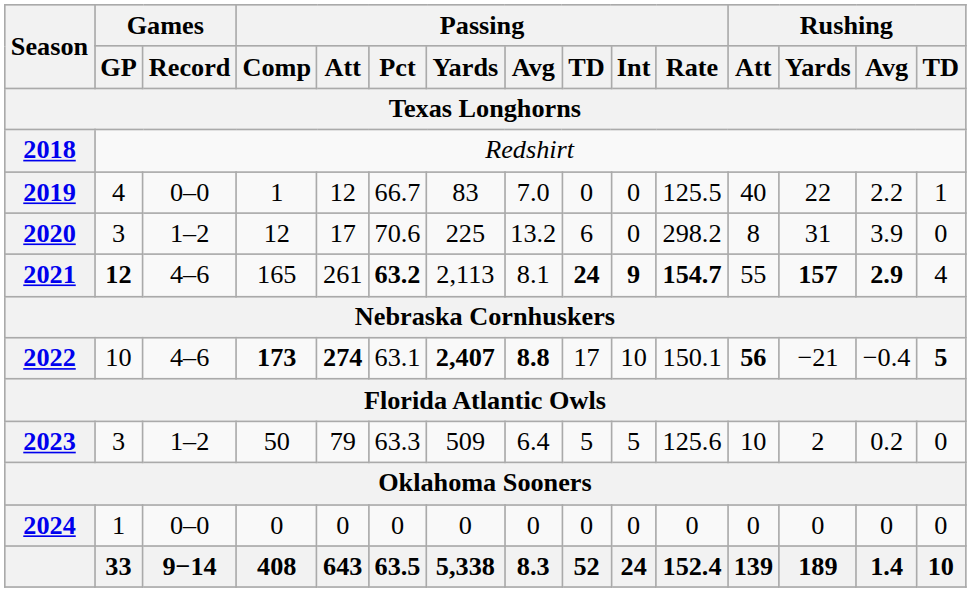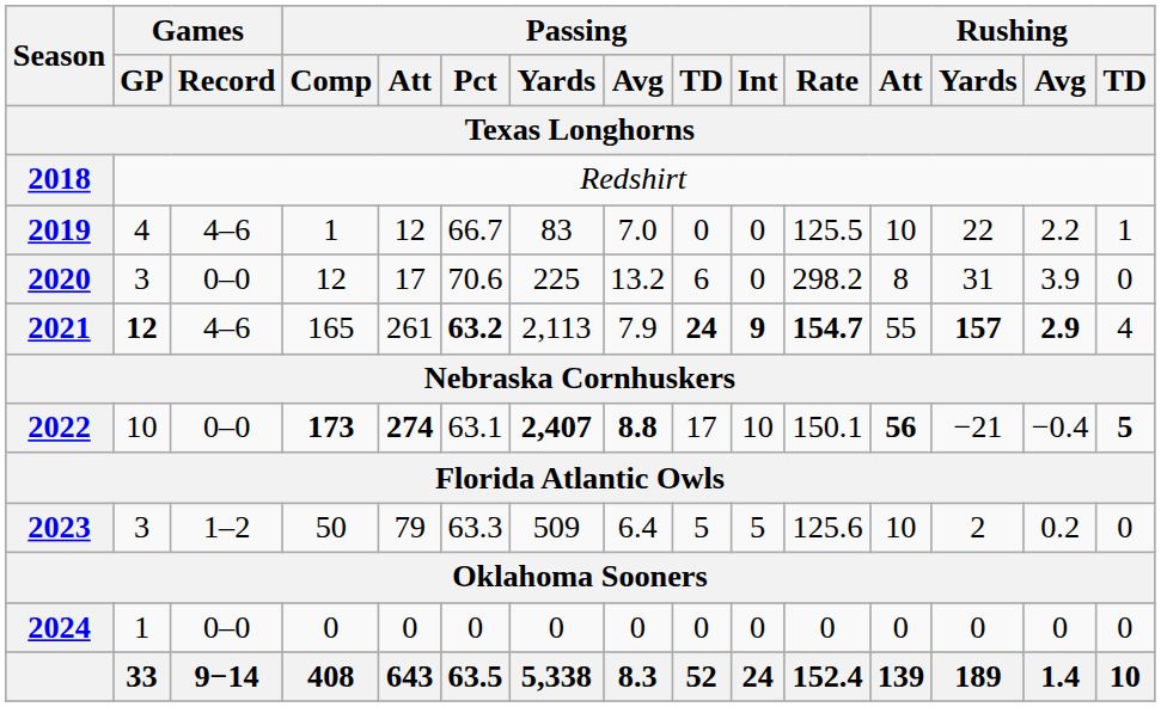 <table class="wikitable" style="text-align:center;">
 <tr>
 <th rowspan="2">Season</th>
 <th colspan="2">Games</th>
 <th colspan="8">Passing</th>
 <th colspan="4">Rushing</th>
 </tr>
 <tr>
 <th>GP</th>
 <th>Record</th>
 <th>Comp</th>
 <th>Att</th>
 <th>Pct</th>
 <th>Yards</th>
 <th>Avg</th>
 <th>TD</th>
 <th>Int</th>
 <th>Rate</th>
 <th>Att</th>
 <th>Yards</th>
 <th>Avg</th>
 <th>TD</th>
 </tr>
 <tr>
 <th colspan="16">Texas Longhorns</th>
 </tr>
 <tr>
 <th><a href='#'>2018</a></th>
 <td colspan="14"><em>Redshirt </em></td>
 </tr>
 <tr>
 <th><a href='#'>2019</a></th>
 <td>4</td>
-<td>0–0</td>
+<td>4–6</td>
 <td>1</td>
 <td>12</td>
 <td>66.7</td>
 <td>83</td>
 <td>7.0</td>
 <td>0</td>
 <td>0</td>
 <td>125.5</td>
-<td>40</td>
+<td>10</td>
 <td>22</td>
 <td>2.2</td>
 <td>1</td>
 </tr>
 <tr>
 <th><a href='#'>2020</a></th>
 <td>3</td>
-<td>1–2</td>
+<td>0–0</td>
 <td>12</td>
 <td>17</td>
 <td>70.6</td>
 <td>225</td>
 <td>13.2</td>
 <td>6</td>
 <td>0</td>
 <td>298.2</td>
 <td>8</td>
 <td>31</td>
 <td>3.9</td>
 <td>0</td>
 </tr>
 <tr>
 <th><a href='#'>2021</a></th>
 <td><strong>12</strong></td>
 <td>4–6</td>
 <td>165</td>
 <td>261</td>
 <td><strong>63.2</strong></td>
 <td>2,113</td>
-<td>8.1</td>
+<td>7.9</td>
 <td><strong>24</strong></td>
 <td><strong>9</strong></td>
 <td><strong>154.7</strong></td>
 <td>55</td>
 <td><strong>157</strong></td>
 <td><strong>2.9</strong></td>
 <td>4</td>
 </tr>
 <tr>
 <th colspan="16">Nebraska Cornhuskers</th>
 </tr>
 <tr>
 <th><a href='#'>2022</a></th>
 <td>10</td>
-<td>4–6</td>
+<td>0–0</td>
 <td><strong>173</strong></td>
 <td><strong>274</strong></td>
 <td>63.1</td>
 <td><strong>2,407</strong></td>
 <td><strong>8.8</strong></td>
 <td>17</td>
 <td>10</td>
 <td>150.1</td>
 <td><strong>56</strong></td>
 <td>−21</td>
 <td>−0.4</td>
 <td><strong>5</strong></td>
 </tr>
 <tr>
 <th colspan="16">Florida Atlantic Owls</th>
 </tr>
 <tr>
 <th><a href='#'>2023</a></th>
 <td>3</td>
 <td>1–2</td>
 <td>50</td>
 <td>79</td>
 <td>63.3</td>
 <td>509</td>
 <td>6.4</td>
 <td>5</td>
 <td>5</td>
 <td>125.6</td>
 <td>10</td>
 <td>2</td>
 <td>0.2</td>
 <td>0</td>
 </tr>
 <tr>
 <th colspan="16">Oklahoma Sooners</th>
 </tr>
 <tr>
 <th><a href='#'>2024</a></th>
 <td>1</td>
 <td>0–0</td>
 <td>0</td>
 <td>0</td>
 <td>0</td>
 <td>0</td>
 <td>0</td>
 <td>0</td>
 <td>0</td>
 <td>0</td>
 <td>0</td>
 <td>0</td>
 <td>0</td>
 <td>0</td>
 </tr>
 <tr>
 <th></th>
 <th>33</th>
 <th>9−14</th>
 <th>408</th>
 <th>643</th>
 <th>63.5</th>
 <th>5,338</th>
 <th>8.3</th>
 <th>52</th>
 <th>24</th>
 <th>152.4</th>
 <th>139</th>
 <th>189</th>
 <th>1.4</th>
 <th>10</th>
 </tr>
 </table>
